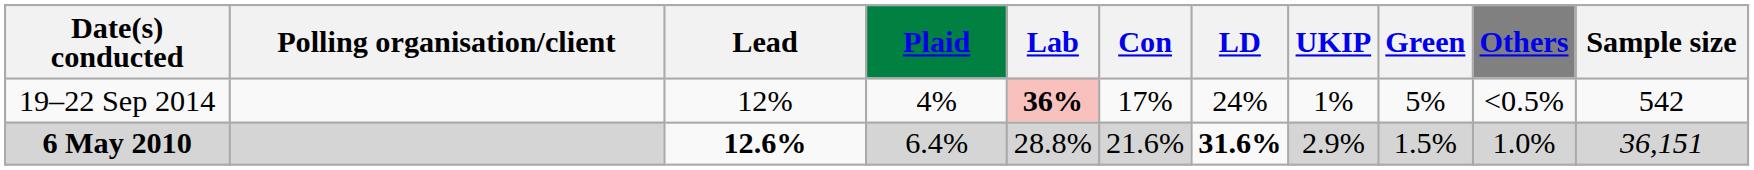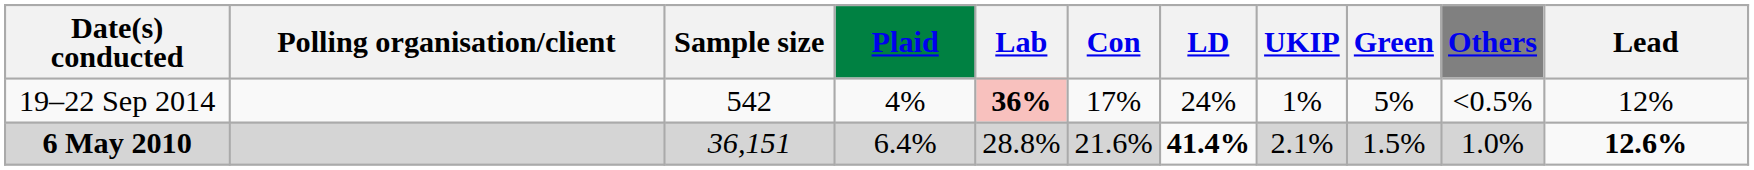 <table class="wikitable sortable" style="text-align:center;font-size:90%;line-height:14px">
 <tr>
 <th ! style="width:100px;">Date(s)<br>conducted</th>
 <th style="width:200px;">Polling organisation/client</th>
-<th class="unsortable" style="width:90px;">Lead</th>
+<th class="unsortable" style="width:75px;">Sample size</th>
 <th class="unsortable" style="background:#008142; width:60px;"><a href='#'><span>Plaid</span></a></th>
 <th class="unsortable" style="background:"><a href='#'><span>Lab</span></a></th>
 <th class="unsortable" style="background:"><a href='#'><span>Con</span></a></th>
 <th class="unsortable" style="background:"><a href='#'><span>LD</span></a></th>
 <th class="unsortable" style="background:"><a href='#'><span>UKIP</span></a></th>
 <th class="unsortable" style="background:"><a href='#'><span>Green</span></a></th>
 <th class="unsortable" style="background:gray; width:60x;"><a href='#'><span>Others</span></a></th>
-<th class="unsortable" style="width:75px;">Sample size</th>
+<th class="unsortable" style="width:90px;">Lead</th>
 </tr>
 <tr>
 <td>19–22 Sep 2014</td>
 <td></td>
-<td style="background:">12%</td>
+<td>542</td>
 <td>4%</td>
 <td style="background:#F8C1BE"><strong>36%</strong></td>
 <td>17%</td>
 <td>24%</td>
 <td>1%</td>
 <td>5%</td>
 <td><0.5%</td>
-<td>542</td>
+<td style="background:">12%</td>
 </tr>
 <tr>
 <td style="background:#D5D5D5"><strong>6 May 2010</strong></td>
 <td style="background:#D5D5D5"></td>
-<td style="background:"><strong>12.6% </strong></td>
+<td style="background:#D5D5D5"><em>36,151</em></td>
 <td style="background:#D5D5D5">6.4%</td>
 <td style="background:#D5D5D5">28.8%</td>
 <td style="background:#D5D5D5">21.6%</td>
-<td style="background:"><strong>31.6%</strong></td>
-<td style="background:#D5D5D5">2.9%</td>
+<td style="background:"><strong>41.4%</strong></td>
+<td style="background:#D5D5D5">2.1%</td>
 <td style="background:#D5D5D5">1.5%</td>
 <td style="background:#D5D5D5">1.0%</td>
-<td style="background:#D5D5D5"><em>36,151</em></td>
+<td style="background:"><strong>12.6% </strong></td>
 </tr>
 </table>
